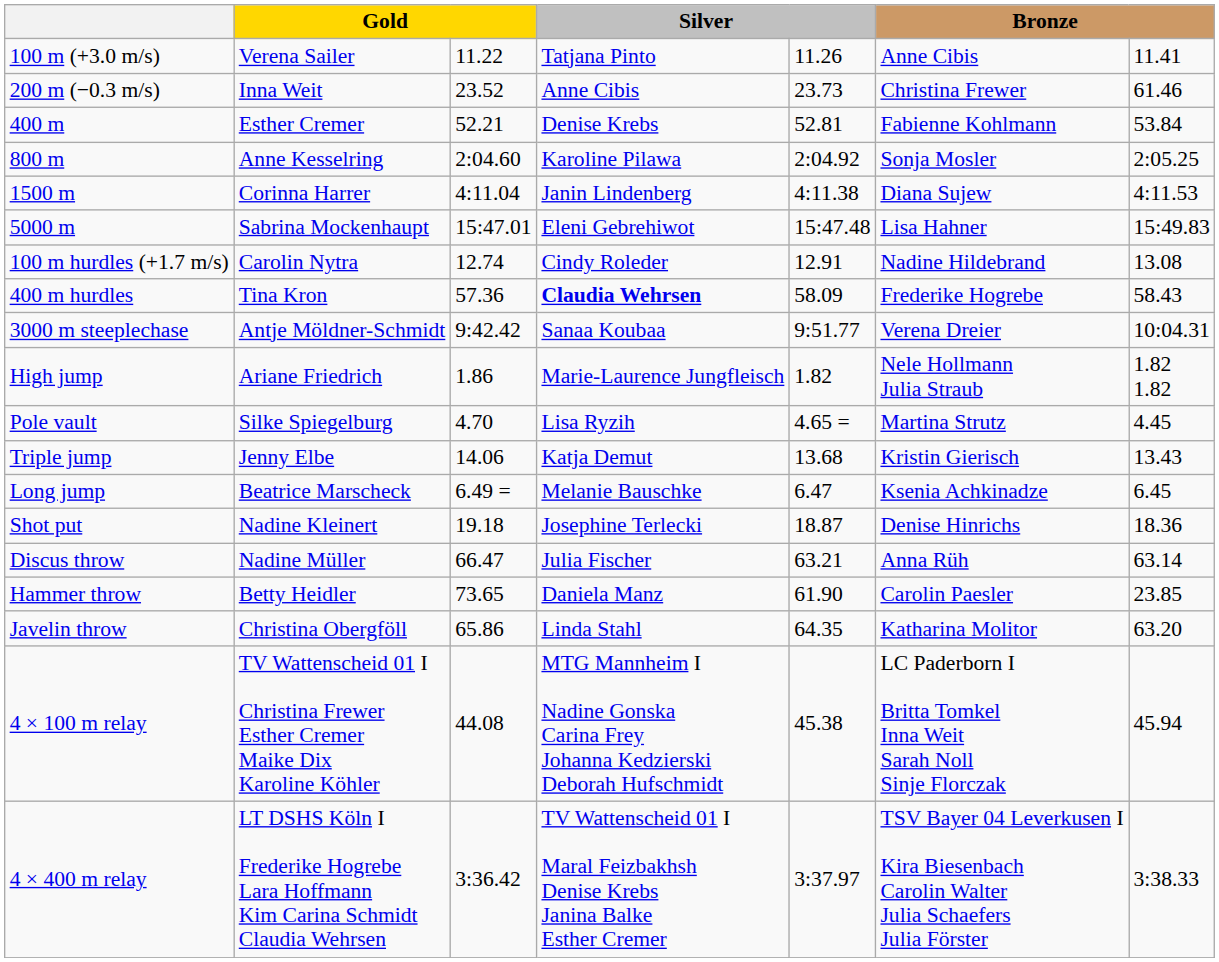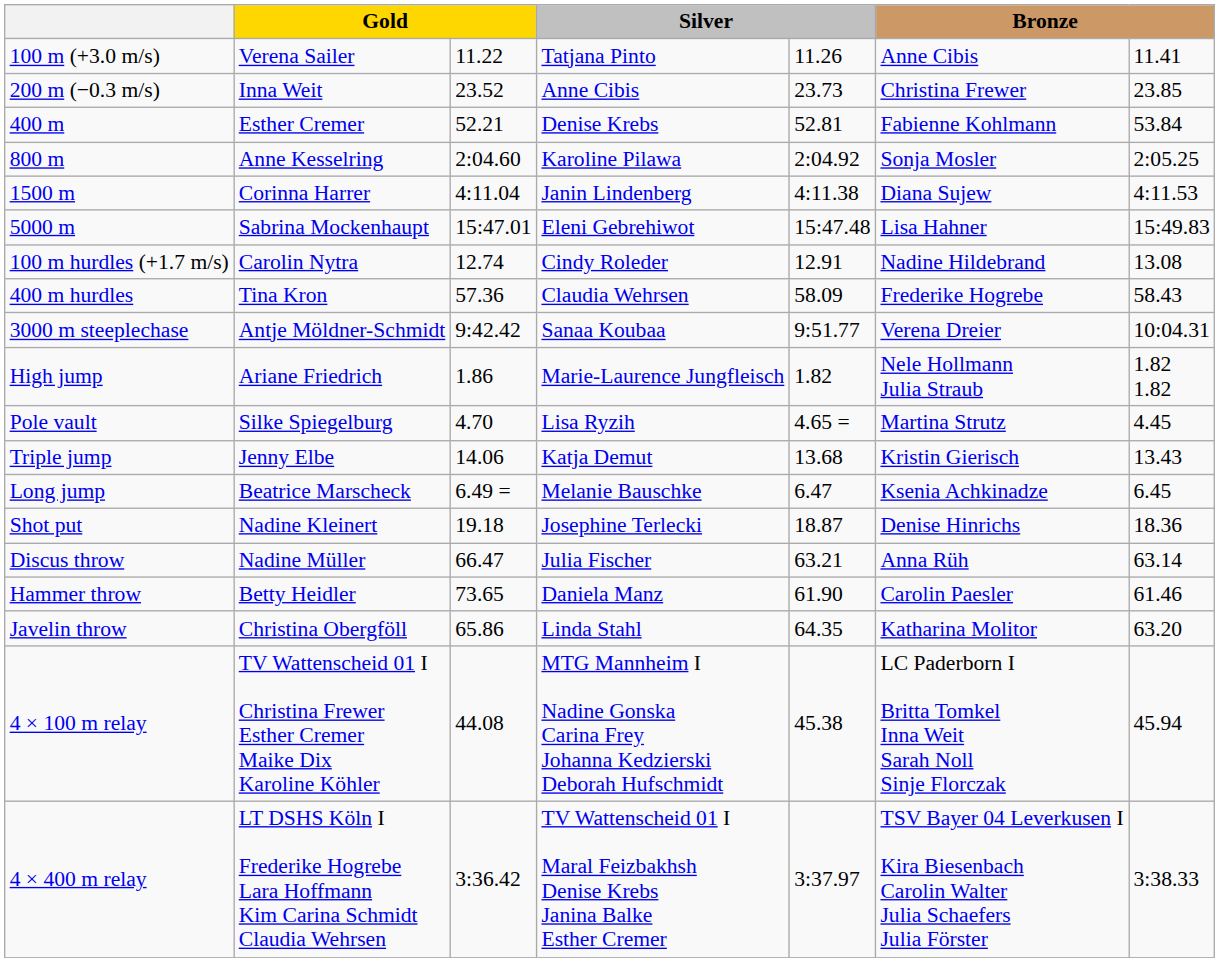 <table class="wikitable">
 <tr>
 <th></th>
 <th style="background:gold;" colspan=2>Gold</th>
 <th style="background:silver;" colspan=2>Silver</th>
 <th style="background:#cc9966;" colspan=2>Bronze</th>
 </tr>
 <tr>
 <td><a href='#'>100 m</a> (+3.0 m/s)</td>
 <td><a href='#'>Verena Sailer</a></td>
 <td>11.22</td>
 <td><a href='#'>Tatjana Pinto</a></td>
 <td>11.26</td>
 <td><a href='#'>Anne Cibis</a></td>
 <td>11.41</td>
 </tr>
 <tr>
 <td><a href='#'>200 m</a> (−0.3 m/s)</td>
 <td><a href='#'>Inna Weit</a></td>
 <td>23.52</td>
 <td><a href='#'>Anne Cibis</a></td>
 <td>23.73</td>
 <td><a href='#'>Christina Frewer</a></td>
-<td>61.46</td>
+<td>23.85</td>
 </tr>
 <tr>
 <td><a href='#'>400 m</a></td>
 <td><a href='#'>Esther Cremer</a></td>
 <td>52.21</td>
 <td><a href='#'>Denise Krebs</a></td>
 <td>52.81</td>
 <td><a href='#'>Fabienne Kohlmann</a></td>
 <td>53.84</td>
 </tr>
 <tr>
 <td><a href='#'>800 m</a></td>
 <td><a href='#'>Anne Kesselring</a></td>
 <td>2:04.60</td>
 <td><a href='#'>Karoline Pilawa</a></td>
 <td>2:04.92 </td>
 <td><a href='#'>Sonja Mosler</a></td>
 <td>2:05.25 </td>
 </tr>
 <tr>
 <td><a href='#'>1500 m</a></td>
 <td><a href='#'>Corinna Harrer</a></td>
 <td>4:11.04</td>
 <td><a href='#'>Janin Lindenberg</a></td>
 <td>4:11.38</td>
 <td><a href='#'>Diana Sujew</a></td>
 <td>4:11.53</td>
 </tr>
 <tr>
 <td><a href='#'>5000 m</a></td>
 <td><a href='#'>Sabrina Mockenhaupt</a></td>
 <td>15:47.01 </td>
 <td><a href='#'>Eleni Gebrehiwot</a></td>
 <td>15:47.48 </td>
 <td><a href='#'>Lisa Hahner</a></td>
 <td>15:49.83 </td>
 </tr>
 <tr>
 <td><a href='#'>100 m hurdles</a> (+1.7 m/s)</td>
 <td><a href='#'>Carolin Nytra</a></td>
 <td>12.74</td>
 <td><a href='#'>Cindy Roleder</a></td>
 <td>12.91 </td>
 <td><a href='#'>Nadine Hildebrand</a></td>
 <td>13.08 </td>
 </tr>
 <tr>
 <td><a href='#'>400 m hurdles</a></td>
 <td><a href='#'>Tina Kron</a></td>
 <td>57.36</td>
-<td><strong><a href='#'>Claudia Wehrsen</a></strong></td>
+<td><a href='#'>Claudia Wehrsen</a></td>
 <td>58.09</td>
 <td><a href='#'>Frederike Hogrebe</a></td>
 <td>58.43</td>
 </tr>
 <tr>
 <td><a href='#'>3000 m steeplechase</a></td>
 <td><a href='#'>Antje Möldner-Schmidt</a></td>
 <td>9:42.42</td>
 <td><a href='#'>Sanaa Koubaa</a></td>
 <td>9:51.77</td>
 <td><a href='#'>Verena Dreier</a></td>
 <td>10:04.31 </td>
 </tr>
 <tr>
 <td><a href='#'>High jump</a></td>
 <td><a href='#'>Ariane Friedrich</a></td>
 <td>1.86</td>
 <td><a href='#'>Marie-Laurence Jungfleisch</a></td>
 <td>1.82</td>
 <td><a href='#'>Nele Hollmann</a><br><a href='#'>Julia Straub</a></td>
 <td>1.82 <br>1.82</td>
 </tr>
 <tr>
 <td><a href='#'>Pole vault</a></td>
 <td><a href='#'>Silke Spiegelburg</a></td>
 <td>4.70</td>
 <td><a href='#'>Lisa Ryzih</a></td>
 <td>4.65 =</td>
 <td><a href='#'>Martina Strutz</a></td>
 <td>4.45</td>
 </tr>
 <tr>
 <td><a href='#'>Triple jump</a></td>
 <td><a href='#'>Jenny Elbe</a></td>
 <td>14.06 </td>
 <td><a href='#'>Katja Demut</a></td>
 <td>13.68</td>
 <td><a href='#'>Kristin Gierisch</a></td>
 <td>13.43</td>
 </tr>
 <tr>
 <td><a href='#'>Long jump</a></td>
 <td><a href='#'>Beatrice Marscheck</a></td>
 <td>6.49 =</td>
 <td><a href='#'>Melanie Bauschke</a></td>
 <td>6.47</td>
 <td><a href='#'>Ksenia Achkinadze</a></td>
 <td>6.45</td>
 </tr>
 <tr>
 <td><a href='#'>Shot put</a></td>
 <td><a href='#'>Nadine Kleinert</a></td>
 <td>19.18</td>
 <td><a href='#'>Josephine Terlecki</a></td>
 <td>18.87 </td>
 <td><a href='#'>Denise Hinrichs</a></td>
 <td>18.36 </td>
 </tr>
 <tr>
 <td><a href='#'>Discus throw</a></td>
 <td><a href='#'>Nadine Müller</a></td>
 <td>66.47</td>
 <td><a href='#'>Julia Fischer</a></td>
 <td>63.21</td>
 <td><a href='#'>Anna Rüh</a></td>
 <td>63.14 </td>
 </tr>
 <tr>
 <td><a href='#'>Hammer throw</a></td>
 <td><a href='#'>Betty Heidler</a></td>
 <td>73.65</td>
 <td><a href='#'>Daniela Manz</a></td>
 <td>61.90 </td>
 <td><a href='#'>Carolin Paesler</a></td>
-<td>23.85</td>
+<td>61.46</td>
 </tr>
 <tr>
 <td><a href='#'>Javelin throw</a></td>
 <td><a href='#'>Christina Obergföll</a></td>
 <td>65.86</td>
 <td><a href='#'>Linda Stahl</a></td>
 <td>64.35 </td>
 <td><a href='#'>Katharina Molitor</a></td>
 <td>63.20 </td>
 </tr>
 <tr>
 <td><a href='#'>4 × 100 m relay</a></td>
 <td><a href='#'>TV Wattenscheid 01</a> I <br><br><a href='#'>Christina Frewer</a> <br> <a href='#'>Esther Cremer</a> <br> <a href='#'>Maike Dix</a> <br> <a href='#'>Karoline Köhler</a></td>
 <td>44.08 </td>
 <td><a href='#'>MTG Mannheim</a> I <br><br><a href='#'>Nadine Gonska</a> <br> <a href='#'>Carina Frey</a> <br> <a href='#'>Johanna Kedzierski</a> <br> <a href='#'>Deborah Hufschmidt</a></td>
 <td>45.38</td>
 <td>LC Paderborn I <br><br><a href='#'>Britta Tomkel</a> <br> <a href='#'>Inna Weit</a> <br> <a href='#'>Sarah Noll</a> <br> <a href='#'>Sinje Florczak</a></td>
 <td>45.94 </td>
 </tr>
 <tr>
 <td><a href='#'>4 × 400 m relay</a></td>
 <td><a href='#'>LT DSHS Köln</a> I <br><br><a href='#'>Frederike Hogrebe</a> <br> <a href='#'>Lara Hoffmann</a> <br> <a href='#'>Kim Carina Schmidt</a> <br> <a href='#'>Claudia Wehrsen</a></td>
 <td>3:36.42 </td>
 <td><a href='#'>TV Wattenscheid 01</a> I <br><br><a href='#'>Maral Feizbakhsh</a> <br> <a href='#'>Denise Krebs</a> <br> <a href='#'>Janina Balke</a> <br> <a href='#'>Esther Cremer</a></td>
 <td>3:37.97 </td>
 <td><a href='#'>TSV Bayer 04 Leverkusen</a> I <br><br><a href='#'>Kira Biesenbach</a> <br> <a href='#'>Carolin Walter</a> <br> <a href='#'>Julia Schaefers</a> <br> <a href='#'>Julia Förster</a></td>
 <td>3:38.33</td>
 </tr>
 </table>
